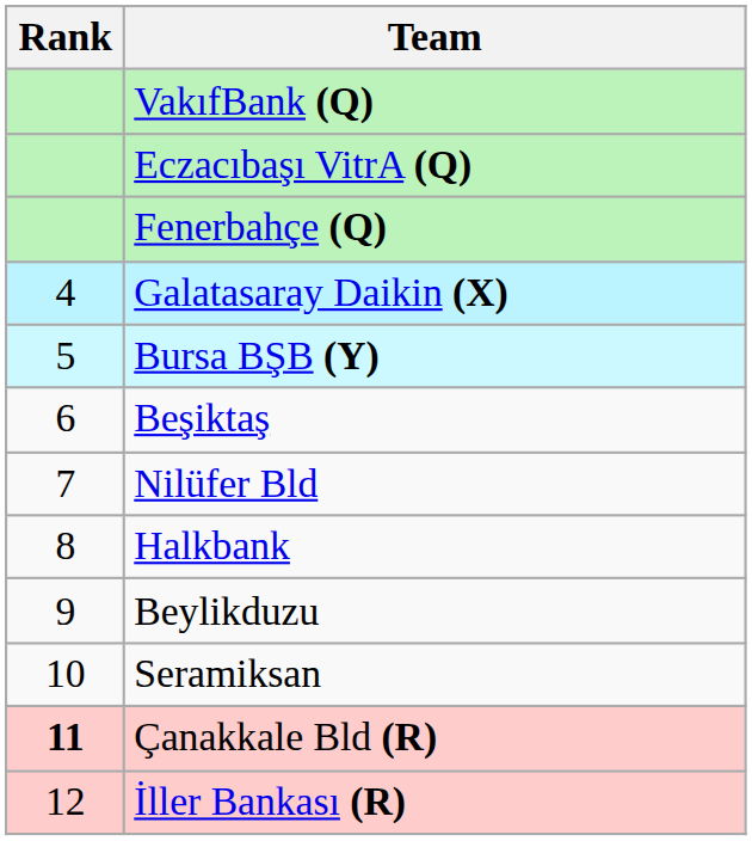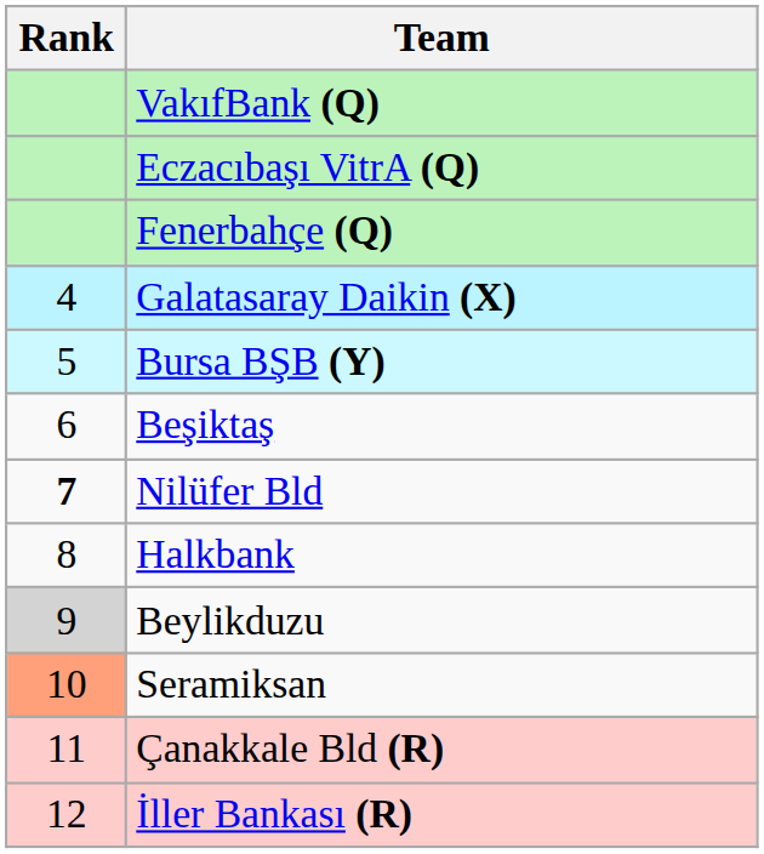 <table class="wikitable" style="text-align:center;">
 <tr>
 <th width=40>Rank</th>
 <th width=240>Team</th>
 </tr>
 <tr bgcolor=#bbf3bb>
 <td></td>
 <td style="text-align:left;"><a href='#'>VakıfBank</a> <strong>(Q)</strong></td>
 </tr>
 <tr bgcolor=#bbf3bb>
 <td></td>
 <td style="text-align:left;"><a href='#'>Eczacıbaşı VitrA</a> <strong>(Q)</strong></td>
 </tr>
 <tr bgcolor=#bbf3bb>
 <td></td>
 <td style="text-align:left;"><a href='#'>Fenerbahçe</a> <strong>(Q)</strong></td>
 </tr>
 <tr bgcolor=#bbf3ff>
 <td>4</td>
 <td style="text-align:left;"><a href='#'>Galatasaray Daikin</a> <strong>(X)</strong></td>
 </tr>
 <tr bgcolor=#ccf9ff>
 <td>5</td>
 <td style="text-align:left;"><a href='#'>Bursa BŞB</a> <strong>(Y)</strong></td>
 </tr>
 <tr>
 <td>6</td>
 <td style="text-align:left;"><a href='#'>Beşiktaş</a></td>
 </tr>
 <tr>
-<td>7</td>
+<td><strong>7</strong></td>
 <td style="text-align:left;"><a href='#'>Nilüfer Bld</a></td>
 </tr>
 <tr>
 <td>8</td>
 <td style="text-align:left;"><a href='#'>Halkbank</a></td>
 </tr>
 <tr>
-<td>9</td>
+<td style="background: lightgrey;">9</td>
 <td style="text-align:left;">Beylikduzu</td>
 </tr>
 <tr>
-<td>10</td>
+<td style="background: lightsalmon;">10</td>
 <td style="text-align:left;">Seramiksan</td>
 </tr>
 <tr bgcolor=#ffcccc>
-<td><strong>11</strong></td>
+<td>11</td>
 <td style="text-align:left;">Çanakkale Bld <strong>(R)</strong></td>
 </tr>
 <tr bgcolor=#ffcccc>
 <td>12</td>
 <td style="text-align:left;"><a href='#'>İller Bankası</a> <strong>(R)</strong></td>
 </tr>
 </table>
